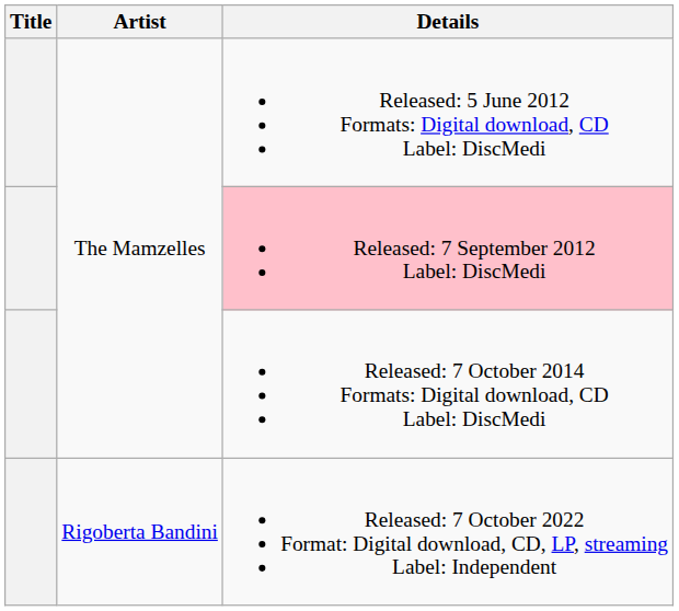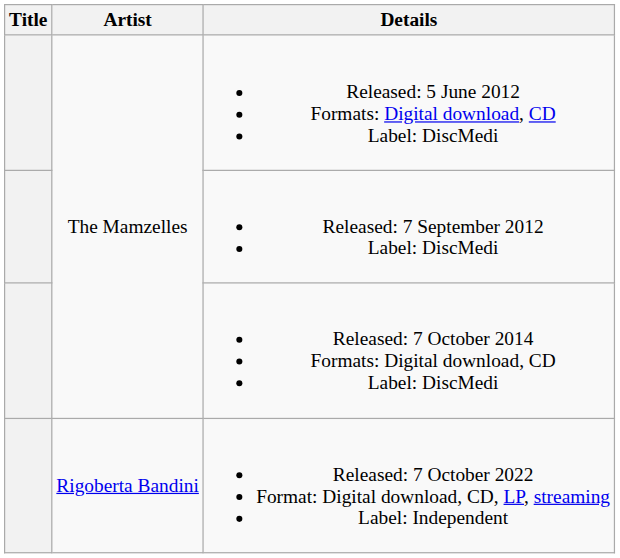 <table class="wikitable plainrowheaders" style="text-align:center;">
 <tr>
 <th>Title</th>
 <th>Artist</th>
 <th>Details</th>
 </tr>
 <tr>
 <th scope="row"></th>
 <td rowspan="3">The Mamzelles</td>
 <td><br><ul><li>Released: 5 June 2012</li><li>Formats: <a href='#'>Digital download</a>, <a href='#'>CD</a></li><li>Label: DiscMedi</li></ul></td>
 </tr>
 <tr>
 <th scope="row"></th>
-<td style="background: pink;"><br><ul><li>Released: 7 September 2012</li><li>Label: DiscMedi</li></ul></td>
+<td><br><ul><li>Released: 7 September 2012</li><li>Label: DiscMedi</li></ul></td>
 </tr>
 <tr>
 <th scope="row"></th>
 <td><br><ul><li>Released: 7 October 2014</li><li>Formats: Digital download, CD</li><li>Label: DiscMedi</li></ul></td>
 </tr>
 <tr>
 <th scope="row"></th>
 <td><a href='#'>Rigoberta Bandini</a></td>
 <td><br><ul><li>Released: 7 October 2022</li><li>Format: Digital download, CD, <a href='#'>LP</a>, <a href='#'>streaming</a></li><li>Label: Independent</li></ul></td>
 </tr>
 </table>
